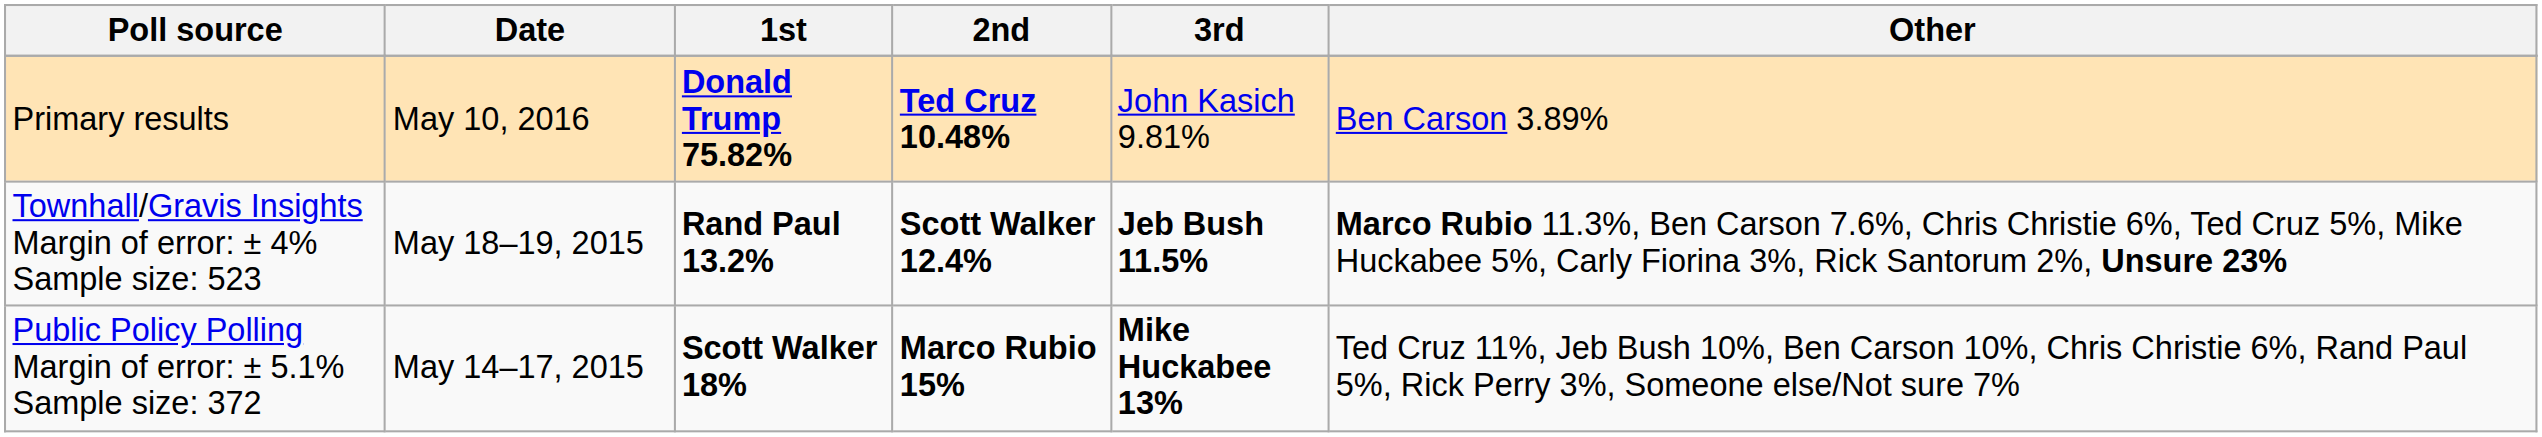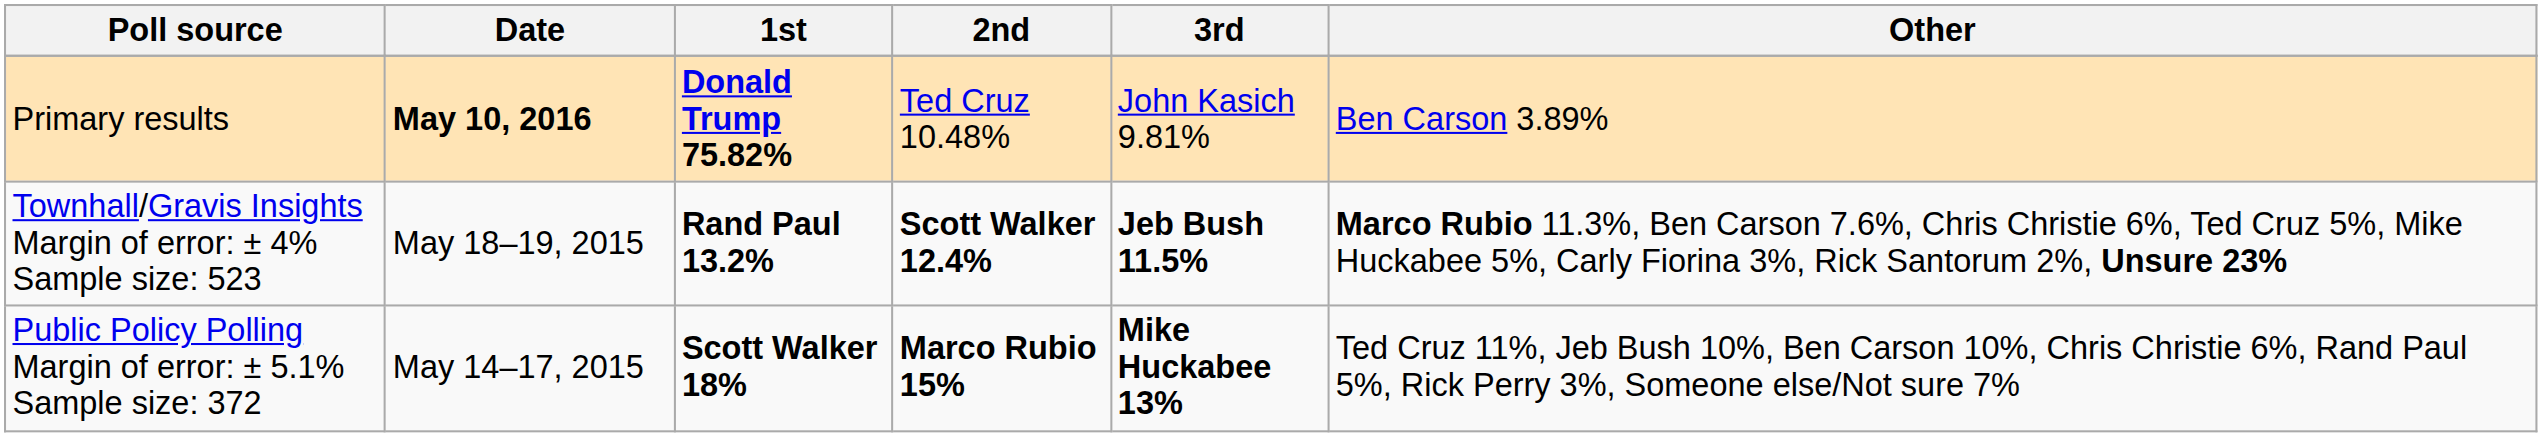 <table class="wikitable">
 <tr>
 <th style="width:180px;">Poll source</th>
 <th style="width:135px;">Date</th>
 <th style="width:100px;">1st</th>
 <th style="width:100px;">2nd</th>
 <th style="width:100px;">3rd</th>
 <th>Other</th>
 </tr>
 <tr>
 </tr>
 <tr style="background:Moccasin;">
 <td>Primary results</td>
-<td>May 10, 2016</td>
+<td><strong>May 10, 2016</strong></td>
 <td><strong><a href='#'>Donald Trump</a><br>75.82%</strong></td>
-<td><strong><a href='#'>Ted Cruz</a><br>10.48%</strong></td>
+<td><a href='#'>Ted Cruz</a><br>10.48%</td>
 <td><a href='#'>John Kasich</a><br>9.81%</td>
 <td><a href='#'>Ben Carson</a> 3.89%</td>
 </tr>
 <tr>
 <td><a href='#'>Townhall</a>/<a href='#'>Gravis Insights</a><br>Margin of error: ± 4% <br>Sample size: 523</td>
 <td>May 18–19, 2015</td>
 <td><strong>Rand Paul<br>13.2%</strong></td>
 <td><strong>Scott Walker<br>12.4%</strong></td>
 <td><strong>Jeb Bush<br>11.5%</strong></td>
 <td><span><strong>Marco Rubio</strong> 11.3%</span>, Ben Carson 7.6%, Chris Christie 6%, Ted Cruz 5%, Mike Huckabee 5%, Carly Fiorina 3%, Rick Santorum 2%, <span><strong>Unsure 23%</strong></span></td>
 </tr>
 <tr>
 <td><a href='#'>Public Policy Polling</a><br>Margin of error: ± 5.1% <br>Sample size: 372</td>
 <td>May 14–17, 2015</td>
 <td><strong>Scott Walker<br>18%</strong></td>
 <td><strong>Marco Rubio<br>15%</strong></td>
 <td><strong>Mike Huckabee<br>13%</strong></td>
 <td>Ted Cruz 11%, Jeb Bush 10%, Ben Carson 10%, Chris Christie 6%, Rand Paul 5%, Rick Perry 3%, Someone else/Not sure 7%</td>
 </tr>
 </table>
